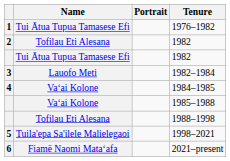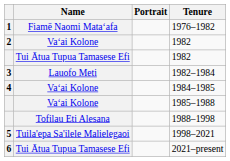 <table class="wikitable">
 <tr>
 <th></th>
 <th>Name<br></th>
 <th>Portrait</th>
 <th>Tenure</th>
 </tr>
 <tr>
 <th style="background-color:">1</th>
-<th align="center" scope="row" style="font-weight:normal;"><a href='#'>Tui Ātua Tupua Tamasese Efi</a><br></th>
+<th align="center" scope="row" style="font-weight:normal;"><a href='#'>Fiamē Naomi Mataʻafa</a><br></th>
 <td></td>
 <td>1976–1982</td>
 </tr>
 <tr>
 <th style="background-color:">2</th>
-<th align="center" scope="row" style="font-weight:normal;"><a href='#'>Tofilau Eti Alesana</a><br></th>
+<th align="center" scope="row" style="font-weight:normal;"><a href='#'>Vaʻai Kolone</a><br></th>
 <td></td>
 <td>1982</td>
 </tr>
 <tr>
 <th style="background-color:"></th>
 <th align="center" scope="row" style="font-weight:normal;"><a href='#'>Tui Ātua Tupua Tamasese Efi</a><br></th>
 <td></td>
 <td>1982</td>
 </tr>
 <tr>
 <th style="background-color:">3</th>
 <th align="center" scope="row" style="font-weight:normal;"><a href='#'>Lauofo Meti</a><br></th>
 <td></td>
 <td>1982–1984</td>
 </tr>
 <tr>
 <th style="background-color:">4</th>
 <th align="center" scope="row" style="font-weight:normal;"><a href='#'>Vaʻai Kolone</a><br></th>
 <td></td>
 <td>1984–1985</td>
 </tr>
 <tr>
 <th style="background-color:"></th>
 <th align="center" scope="row" style="font-weight:normal;"><a href='#'>Vaʻai Kolone</a><br></th>
 <td></td>
 <td>1985–1988</td>
 </tr>
 <tr>
 <th style="background-color:"></th>
 <th align="center" scope="row" style="font-weight:normal;"><a href='#'>Tofilau Eti Alesana</a><br></th>
 <td></td>
 <td>1988–1998</td>
 </tr>
 <tr>
 <th style="background-color:">5</th>
 <th align="center" scope="row" style="font-weight:normal;"><a href='#'>Tuila'epa Sa'ilele Malielegaoi</a><br></th>
 <td></td>
 <td>1998–2021</td>
 </tr>
 <tr>
 <th style="background-color:">6</th>
-<th align="center" scope="row" style="font-weight:normal;"><a href='#'>Fiamē Naomi Mataʻafa</a><br></th>
+<th align="center" scope="row" style="font-weight:normal;"><a href='#'>Tui Ātua Tupua Tamasese Efi</a><br></th>
 <td></td>
 <td>2021–present</td>
 </tr>
 </table>
